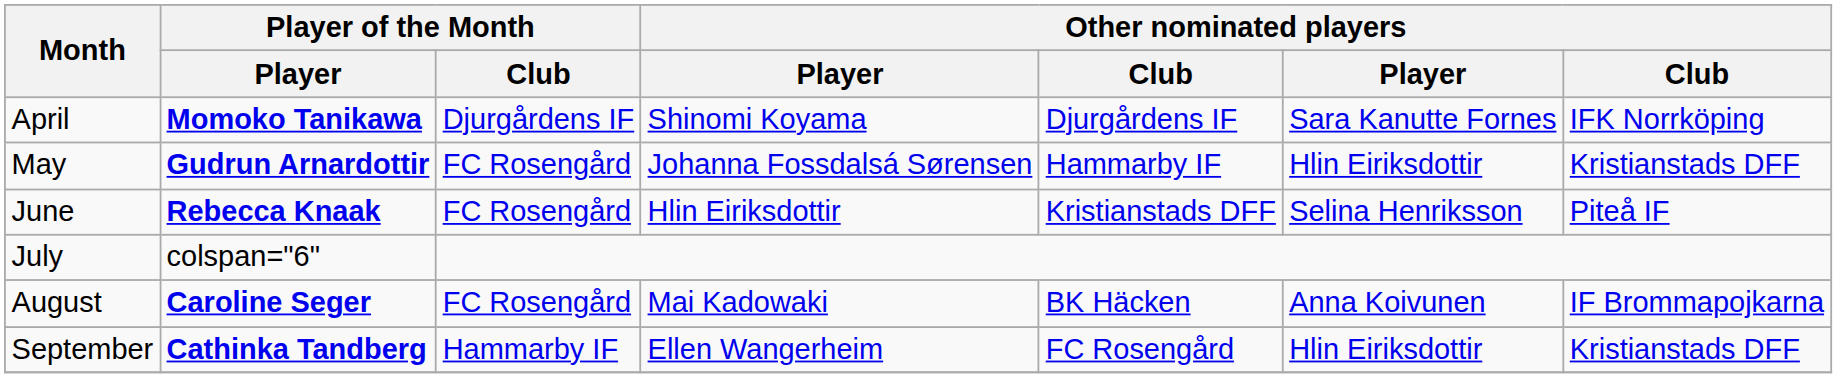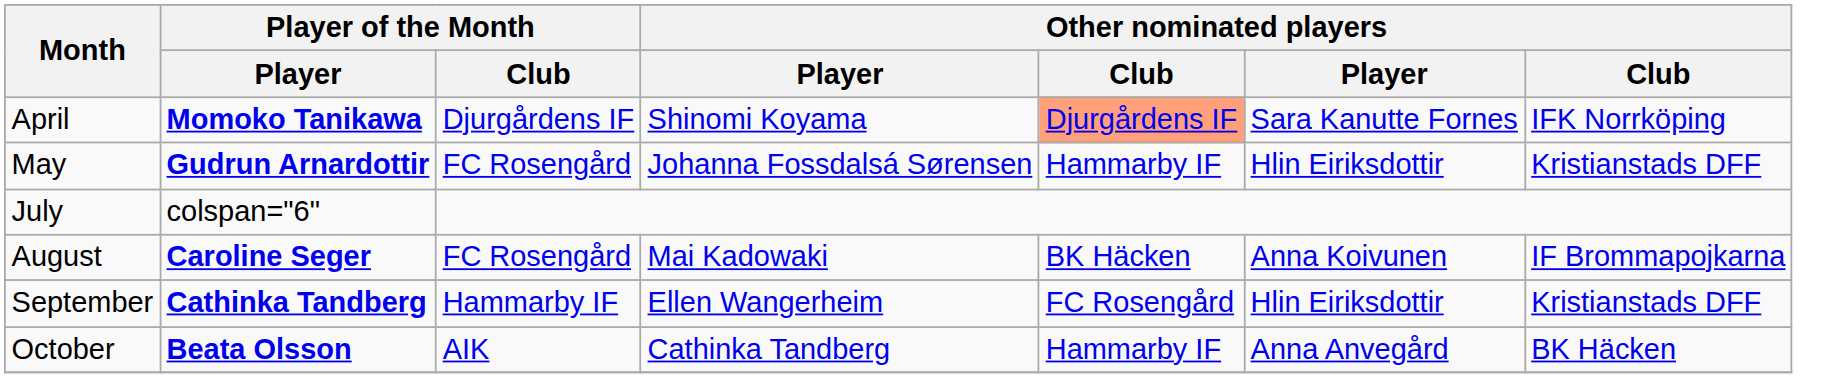 <table class="wikitable">
 <tr>
 <th rowspan="2">Month</th>
 <th colspan="2">Player of the Month</th>
 <th colspan="4">Other nominated players</th>
 </tr>
 <tr>
 <th>Player</th>
 <th>Club</th>
 <th>Player</th>
 <th>Club</th>
 <th>Player</th>
 <th>Club</th>
 </tr>
 <tr>
 <td>April</td>
 <td> <strong><a href='#'>Momoko Tanikawa</a></strong></td>
 <td><a href='#'>Djurgårdens IF</a></td>
 <td> <a href='#'>Shinomi Koyama</a></td>
-<td><a href='#'>Djurgårdens IF</a></td>
+<td style="background: lightsalmon;"><a href='#'>Djurgårdens IF</a></td>
 <td> <a href='#'>Sara Kanutte Fornes</a></td>
 <td><a href='#'>IFK Norrköping</a></td>
 </tr>
 <tr>
 <td>May</td>
 <td> <strong><a href='#'>Gudrun Arnardottir</a></strong></td>
 <td><a href='#'>FC Rosengård</a></td>
 <td> <a href='#'>Johanna Fossdalsá Sørensen</a></td>
 <td><a href='#'>Hammarby IF</a></td>
 <td> <a href='#'>Hlin Eiriksdottir</a></td>
 <td><a href='#'>Kristianstads DFF</a></td>
-</tr>
-<tr>
-<td>June</td>
-<td> <strong><a href='#'>Rebecca Knaak</a></strong></td>
-<td><a href='#'>FC Rosengård</a></td>
-<td> <a href='#'>Hlin Eiriksdottir</a></td>
-<td><a href='#'>Kristianstads DFF</a></td>
-<td> <a href='#'>Selina Henriksson</a></td>
-<td><a href='#'>Piteå IF</a></td>
 </tr>
 <tr>
 <td>July</td>
 <td>colspan="6" </td>
 </tr>
 <tr>
 <td>August</td>
 <td> <strong><a href='#'>Caroline Seger</a></strong></td>
 <td><a href='#'>FC Rosengård</a></td>
 <td> <a href='#'>Mai Kadowaki</a></td>
 <td><a href='#'>BK Häcken</a></td>
 <td> <a href='#'>Anna Koivunen</a></td>
 <td><a href='#'>IF Brommapojkarna</a></td>
 </tr>
 <tr>
 <td>September</td>
 <td> <strong><a href='#'>Cathinka Tandberg</a></strong></td>
 <td><a href='#'>Hammarby IF</a></td>
 <td> <a href='#'>Ellen Wangerheim</a></td>
 <td><a href='#'>FC Rosengård</a></td>
 <td> <a href='#'>Hlin Eiriksdottir</a></td>
 <td><a href='#'>Kristianstads DFF</a></td>
 </tr>
 <tr>
+<td>October</td>
+<td> <strong><a href='#'>Beata Olsson</a></strong></td>
+<td><a href='#'>AIK</a></td>
+<td> <a href='#'>Cathinka Tandberg</a></td>
+<td><a href='#'>Hammarby IF</a></td>
+<td> <a href='#'>Anna Anvegård</a></td>
+<td><a href='#'>BK Häcken</a></td>
+</tr>
+<tr>
 </tr>
 </table>
